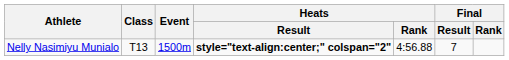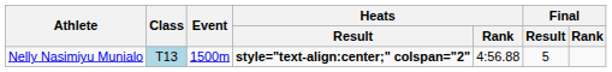 <table class=wikitable style="font-size:90%">
 <tr>
 <th rowspan="2">Athlete</th>
 <th rowspan="2">Class</th>
 <th rowspan="2">Event</th>
 <th colspan="2">Heats</th>
 <th colspan="2">Final</th>
 </tr>
 <tr>
 <th>Result</th>
 <th>Rank</th>
 <th>Result</th>
 <th>Rank</th>
 </tr>
 <tr>
 <td><a href='#'>Nelly Nasimiyu Munialo</a></td>
-<td style="text-align:center;">T13</td>
+<td style="background: lightblue; text-align:center;">T13</td>
 <td><a href='#'>1500m</a></td>
 <td><strong>style="text-align:center;" colspan="2" </strong></td>
 <td style="text-align:center;">4:56.88</td>
-<td style="text-align:center;">7</td>
+<td style="text-align:center;">5</td>
 </tr>
 </table>
